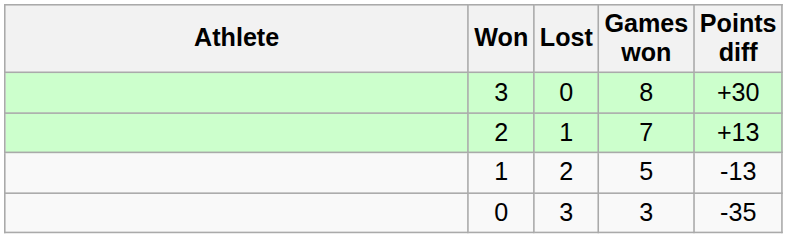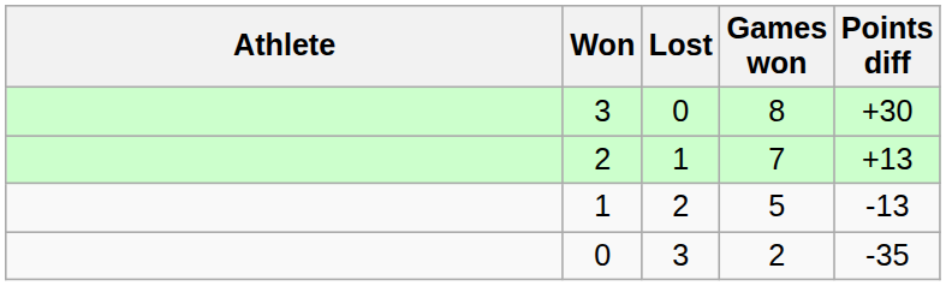 <table class="wikitable">
 <tr>
 <th style="width:18em">Athlete</th>
 <th>Won</th>
 <th>Lost</th>
 <th>Games<br>won</th>
 <th>Points<br>diff</th>
 </tr>
 <tr bgcolor="#ccffcc">
 <td></td>
 <td align="center">3</td>
 <td align="center">0</td>
 <td align="center">8</td>
 <td align="center">+30</td>
 </tr>
 <tr bgcolor="#ccffcc">
 <td></td>
 <td align="center">2</td>
 <td align="center">1</td>
 <td align="center">7</td>
 <td align="center">+13</td>
 </tr>
 <tr>
 <td></td>
 <td align="center">1</td>
 <td align="center">2</td>
 <td align="center">5</td>
 <td align="center">-13</td>
 </tr>
 <tr>
 <td></td>
 <td align="center">0</td>
 <td align="center">3</td>
-<td align="center">3</td>
+<td align="center">2</td>
 <td align="center">-35</td>
 </tr>
 </table>
